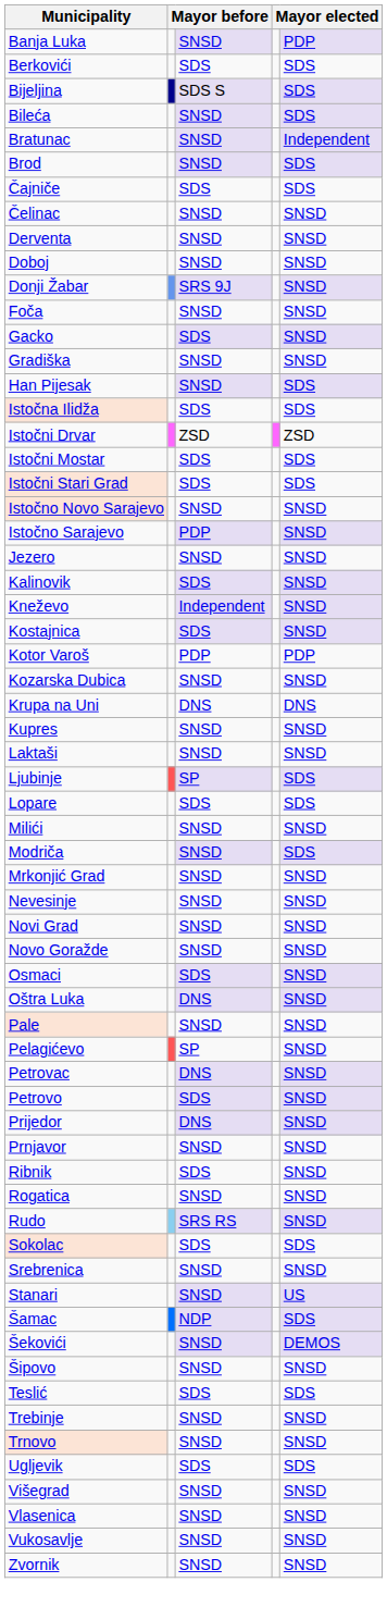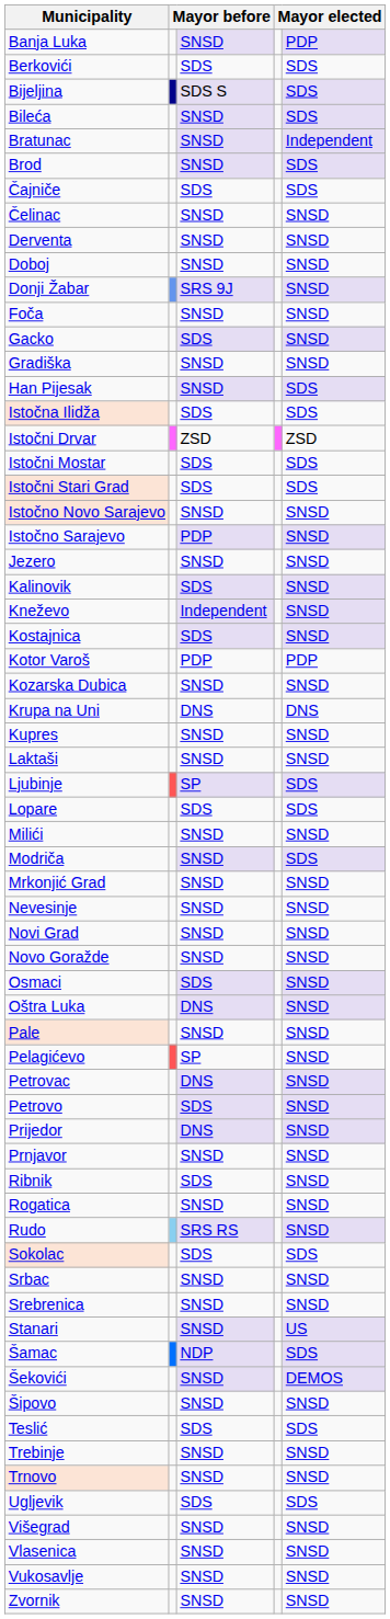 <table class="wikitable sortable">
 <tr>
 <th>Municipality</th>
 <th colspan="2">Mayor before</th>
 <th colspan="2">Mayor elected</th>
 </tr>
 <tr>
 <td><a href='#'>Banja Luka</a></td>
 <td style="background-color:"></td>
 <td style="background-color:#e5ddf3"><a href='#'>SNSD</a></td>
 <td style="background-color:"></td>
 <td style="background-color:#e5ddf3"><a href='#'>PDP</a></td>
 </tr>
 <tr>
 <td><a href='#'>Berkovići</a></td>
 <td style="background-color:"></td>
 <td><a href='#'>SDS</a></td>
 <td style="background-color:"></td>
 <td><a href='#'>SDS</a></td>
 </tr>
 <tr>
 <td><a href='#'>Bijeljina</a></td>
 <td style="background-color:darkblue"></td>
 <td style="background-color:#e5ddf3">SDS S</td>
 <td style="background-color:"></td>
 <td style="background-color:#e5ddf3"><a href='#'>SDS</a></td>
 </tr>
 <tr>
 <td><a href='#'>Bileća</a></td>
 <td style="background-color:"></td>
 <td style="background-color:#e5ddf3"><a href='#'>SNSD</a></td>
 <td style="background-color:"></td>
 <td style="background-color:#e5ddf3"><a href='#'>SDS</a></td>
 </tr>
 <tr>
 <td><a href='#'>Bratunac</a></td>
 <td style="background-color:"></td>
 <td style="background-color:#e5ddf3"><a href='#'>SNSD</a></td>
 <td style="background-color:"></td>
 <td style="background-color:#e5ddf3"><a href='#'>Independent</a></td>
 </tr>
 <tr>
 <td><a href='#'>Brod</a></td>
 <td style="background-color:"></td>
 <td style="background-color:#e5ddf3"><a href='#'>SNSD</a></td>
 <td style="background-color:"></td>
 <td style="background-color:#e5ddf3"><a href='#'>SDS</a></td>
 </tr>
 <tr>
 <td><a href='#'>Čajniče</a></td>
 <td style="background-color:"></td>
 <td><a href='#'>SDS</a></td>
 <td style="background-color:"></td>
 <td><a href='#'>SDS</a></td>
 </tr>
 <tr>
 <td><a href='#'>Čelinac</a></td>
 <td style="background-color:"></td>
 <td><a href='#'>SNSD</a></td>
 <td style="background-color:"></td>
 <td><a href='#'>SNSD</a></td>
 </tr>
 <tr>
 <td><a href='#'>Derventa</a></td>
 <td style="background-color:"></td>
 <td><a href='#'>SNSD</a></td>
 <td style="background-color:"></td>
 <td><a href='#'>SNSD</a></td>
 </tr>
 <tr>
 <td><a href='#'>Doboj</a></td>
 <td style="background-color:"></td>
 <td><a href='#'>SNSD</a></td>
 <td style="background-color:"></td>
 <td><a href='#'>SNSD</a></td>
 </tr>
 <tr>
 <td><a href='#'>Donji Žabar</a></td>
 <td style="background-color:#6495ED"></td>
 <td style="background-color:#e5ddf3"><a href='#'>SRS 9J</a></td>
 <td style="background-color:"></td>
 <td style="background-color:#e5ddf3"><a href='#'>SNSD</a></td>
 </tr>
 <tr>
 <td><a href='#'>Foča</a></td>
 <td style="background-color:"></td>
 <td><a href='#'>SNSD</a></td>
 <td style="background-color:"></td>
 <td><a href='#'>SNSD</a></td>
 </tr>
 <tr>
 <td><a href='#'>Gacko</a></td>
 <td style="background-color:"></td>
 <td style="background-color:#e5ddf3"><a href='#'>SDS</a></td>
 <td style="background-color:"></td>
 <td style="background-color:#e5ddf3"><a href='#'>SNSD</a></td>
 </tr>
 <tr>
 <td><a href='#'>Gradiška</a></td>
 <td style="background-color:"></td>
 <td><a href='#'>SNSD</a></td>
 <td style="background-color:"></td>
 <td><a href='#'>SNSD</a></td>
 </tr>
 <tr>
 <td><a href='#'>Han Pijesak</a></td>
 <td style="background-color:"></td>
 <td style="background-color:#e5ddf3"><a href='#'>SNSD</a></td>
 <td style="background-color:"></td>
 <td style="background-color:#e5ddf3"><a href='#'>SDS</a></td>
 </tr>
 <tr>
 <td style='background: #FCE4D6'><a href='#'>Istočna Ilidža</a></td>
 <td style="background-color:"></td>
 <td><a href='#'>SDS</a></td>
 <td style="background-color:"></td>
 <td><a href='#'>SDS</a></td>
 </tr>
 <tr>
 <td><a href='#'>Istočni Drvar</a></td>
 <td style="background-color:#FF66FF"></td>
 <td>ZSD</td>
 <td style="background-color:#FF66FF"></td>
 <td>ZSD</td>
 </tr>
 <tr>
 <td><a href='#'>Istočni Mostar</a></td>
 <td style="background-color:"></td>
 <td><a href='#'>SDS</a></td>
 <td style="background-color:"></td>
 <td><a href='#'>SDS</a></td>
 </tr>
 <tr>
 <td style='background: #FCE4D6'><a href='#'>Istočni Stari Grad</a></td>
 <td style="background-color:"></td>
 <td><a href='#'>SDS</a></td>
 <td style="background-color:"></td>
 <td><a href='#'>SDS</a></td>
 </tr>
 <tr>
 <td style='background:  #FCE4D6'><a href='#'>Istočno Novo Sarajevo</a></td>
 <td style="background-color:"></td>
 <td><a href='#'>SNSD</a></td>
 <td style="background-color:"></td>
 <td><a href='#'>SNSD</a></td>
 </tr>
 <tr>
 <td><a href='#'>Istočno Sarajevo</a></td>
 <td style="background-color:"></td>
 <td style="background-color:#e5ddf3"><a href='#'>PDP</a></td>
 <td style="background-color:"></td>
 <td style="background-color:#e5ddf3"><a href='#'>SNSD</a></td>
 </tr>
 <tr>
 <td><a href='#'>Jezero</a></td>
 <td style="background-color:"></td>
 <td><a href='#'>SNSD</a></td>
 <td style="background-color:"></td>
 <td><a href='#'>SNSD</a></td>
 </tr>
 <tr>
 <td><a href='#'>Kalinovik</a></td>
 <td style="background-color:"></td>
 <td style="background-color:#e5ddf3"><a href='#'>SDS</a></td>
 <td style="background-color:"></td>
 <td style="background-color:#e5ddf3"><a href='#'>SNSD</a></td>
 </tr>
 <tr>
 <td><a href='#'>Kneževo</a></td>
 <td style="background-color:"></td>
 <td style="background-color:#e5ddf3"><a href='#'>Independent</a></td>
 <td style="background-color:"></td>
 <td style="background-color:#e5ddf3"><a href='#'>SNSD</a></td>
 </tr>
 <tr>
 <td><a href='#'>Kostajnica</a></td>
 <td style="background-color:"></td>
 <td style="background-color:#e5ddf3"><a href='#'>SDS</a></td>
 <td style="background-color:"></td>
 <td style="background-color:#e5ddf3"><a href='#'>SNSD</a></td>
 </tr>
 <tr>
 <td><a href='#'>Kotor Varoš</a></td>
 <td style="background-color:"></td>
 <td><a href='#'>PDP</a></td>
 <td style="background-color:"></td>
 <td><a href='#'>PDP</a></td>
 </tr>
 <tr>
 <td><a href='#'>Kozarska Dubica</a></td>
 <td style="background-color:"></td>
 <td><a href='#'>SNSD</a></td>
 <td style="background-color:"></td>
 <td><a href='#'>SNSD</a></td>
 </tr>
 <tr>
 <td><a href='#'>Krupa na Uni</a></td>
 <td style="background-color:"></td>
 <td><a href='#'>DNS</a></td>
 <td style="background-color:"></td>
 <td><a href='#'>DNS</a></td>
 </tr>
 <tr>
 <td><a href='#'>Kupres</a></td>
 <td style="background-color:"></td>
 <td><a href='#'>SNSD</a></td>
 <td style="background-color:"></td>
 <td><a href='#'>SNSD</a></td>
 </tr>
 <tr>
 <td><a href='#'>Laktaši</a></td>
 <td style="background-color:"></td>
 <td><a href='#'>SNSD</a></td>
 <td style="background-color:"></td>
 <td><a href='#'>SNSD</a></td>
 </tr>
 <tr>
 <td><a href='#'>Ljubinje</a></td>
 <td style="background-color:#FF5555"></td>
 <td style="background-color:#e5ddf3"><a href='#'>SP</a></td>
 <td style="background-color:"></td>
 <td style="background-color:#e5ddf3"><a href='#'>SDS</a></td>
 </tr>
 <tr>
 <td><a href='#'>Lopare</a></td>
 <td style="background-color:"></td>
 <td><a href='#'>SDS</a></td>
 <td style="background-color:"></td>
 <td><a href='#'>SDS</a></td>
 </tr>
 <tr>
 <td><a href='#'>Milići</a></td>
 <td style="background-color:"></td>
 <td><a href='#'>SNSD</a></td>
 <td style="background-color:"></td>
 <td><a href='#'>SNSD</a></td>
 </tr>
 <tr>
 <td><a href='#'>Modriča</a></td>
 <td style="background-color:"></td>
 <td style="background-color:#e5ddf3"><a href='#'>SNSD</a></td>
 <td style="background-color:"></td>
 <td style="background-color:#e5ddf3"><a href='#'>SDS</a></td>
 </tr>
 <tr>
 <td><a href='#'>Mrkonjić Grad</a></td>
 <td style="background-color:"></td>
 <td><a href='#'>SNSD</a></td>
 <td style="background-color:"></td>
 <td><a href='#'>SNSD</a></td>
 </tr>
 <tr>
 <td><a href='#'>Nevesinje</a></td>
 <td style="background-color:"></td>
 <td><a href='#'>SNSD</a></td>
 <td style="background-color:"></td>
 <td><a href='#'>SNSD</a></td>
 </tr>
 <tr>
 <td><a href='#'>Novi Grad</a></td>
 <td style="background-color:"></td>
 <td><a href='#'>SNSD</a></td>
 <td style="background-color:"></td>
 <td><a href='#'>SNSD</a></td>
 </tr>
 <tr>
 <td><a href='#'>Novo Goražde</a></td>
 <td style="background-color:"></td>
 <td><a href='#'>SNSD</a></td>
 <td style="background-color:"></td>
 <td><a href='#'>SNSD</a></td>
 </tr>
 <tr>
 <td><a href='#'>Osmaci</a></td>
 <td style="background-color:"></td>
 <td style="background-color:#e5ddf3"><a href='#'>SDS</a></td>
 <td style="background-color:"></td>
 <td style="background-color:#e5ddf3"><a href='#'>SNSD</a></td>
 </tr>
 <tr>
 <td><a href='#'>Oštra Luka</a></td>
 <td style="background-color:"></td>
 <td style="background-color:#e5ddf3"><a href='#'>DNS</a></td>
 <td style="background-color:"></td>
 <td style="background-color:#e5ddf3"><a href='#'>SNSD</a></td>
 </tr>
 <tr>
 <td style='background: #FCE4D6'><a href='#'>Pale</a></td>
 <td style="background-color:"></td>
 <td><a href='#'>SNSD</a></td>
 <td style="background-color:"></td>
 <td><a href='#'>SNSD</a></td>
 </tr>
 <tr>
 <td><a href='#'>Pelagićevo</a></td>
 <td style="background-color:#FF5555"></td>
 <td><a href='#'>SP</a></td>
 <td style="background-color:"></td>
 <td><a href='#'>SNSD</a></td>
 </tr>
 <tr>
 <td><a href='#'>Petrovac</a></td>
 <td style="background-color:"></td>
 <td style="background-color:#e5ddf3"><a href='#'>DNS</a></td>
 <td style="background-color:"></td>
 <td style="background-color:#e5ddf3"><a href='#'>SNSD</a></td>
 </tr>
 <tr>
 <td><a href='#'>Petrovo</a></td>
 <td style="background-color:"></td>
 <td style="background-color:#e5ddf3"><a href='#'>SDS</a></td>
 <td style="background-color:"></td>
 <td style="background-color:#e5ddf3"><a href='#'>SNSD</a></td>
 </tr>
 <tr>
 <td><a href='#'>Prijedor</a></td>
 <td style="background-color:"></td>
 <td style="background-color:#e5ddf3"><a href='#'>DNS</a></td>
 <td style="background-color:"></td>
 <td style="background-color:#e5ddf3"><a href='#'>SNSD</a></td>
 </tr>
 <tr>
 <td><a href='#'>Prnjavor</a></td>
 <td style="background-color:"></td>
 <td><a href='#'>SNSD</a></td>
 <td style="background-color:"></td>
 <td><a href='#'>SNSD</a></td>
 </tr>
 <tr>
 <td><a href='#'>Ribnik</a></td>
 <td style="background-color:"></td>
 <td><a href='#'>SDS</a></td>
 <td style="background-color:"></td>
 <td><a href='#'>SNSD</a></td>
 </tr>
 <tr>
 <td><a href='#'>Rogatica</a></td>
 <td style="background-color:"></td>
 <td><a href='#'>SNSD</a></td>
 <td style="background-color:"></td>
 <td><a href='#'>SNSD</a></td>
 </tr>
 <tr>
 <td><a href='#'>Rudo</a></td>
 <td style="background-color:#89CFF0"></td>
 <td style="background-color:#e5ddf3"><a href='#'>SRS RS</a></td>
 <td style="background-color:"></td>
 <td style="background-color:#e5ddf3"><a href='#'>SNSD</a></td>
 </tr>
 <tr>
 <td style='background: #FCE4D6'><a href='#'>Sokolac</a></td>
 <td style="background-color:"></td>
 <td><a href='#'>SDS</a></td>
 <td style="background-color:"></td>
 <td><a href='#'>SDS</a></td>
 </tr>
 <tr>
+<td><a href='#'>Srbac</a></td>
+<td style="background-color:"></td>
+<td><a href='#'>SNSD</a></td>
+<td style="background-color:"></td>
+<td><a href='#'>SNSD</a></td>
+</tr>
+<tr>
 <td><a href='#'>Srebrenica</a></td>
 <td style="background-color:"></td>
 <td><a href='#'>SNSD</a></td>
 <td style="background-color:"></td>
 <td><a href='#'>SNSD</a></td>
 </tr>
 <tr>
 <td><a href='#'>Stanari</a></td>
 <td style="background-color:"></td>
 <td style="background-color:#e5ddf3"><a href='#'>SNSD</a></td>
 <td style="background-color:"></td>
 <td style="background-color:#e5ddf3"><a href='#'>US</a></td>
 </tr>
 <tr>
 <td><a href='#'>Šamac</a></td>
 <td style="background-color:#0070FF"></td>
 <td style="background-color:#e5ddf3"><a href='#'>NDP</a></td>
 <td style="background-color:"></td>
 <td style="background-color:#e5ddf3"><a href='#'>SDS</a></td>
 </tr>
 <tr>
 <td><a href='#'>Šekovići</a></td>
 <td style="background-color:"></td>
 <td style="background-color:#e5ddf3"><a href='#'>SNSD</a></td>
 <td style="background-color:"></td>
 <td style="background-color:#e5ddf3"><a href='#'>DEMOS</a></td>
 </tr>
 <tr>
 <td><a href='#'>Šipovo</a></td>
 <td style="background-color:"></td>
 <td><a href='#'>SNSD</a></td>
 <td style="background-color:"></td>
 <td><a href='#'>SNSD</a></td>
 </tr>
 <tr>
 <td><a href='#'>Teslić</a></td>
 <td style="background-color:"></td>
 <td><a href='#'>SDS</a></td>
 <td style="background-color:"></td>
 <td><a href='#'>SDS</a></td>
 </tr>
 <tr>
 <td><a href='#'>Trebinje</a></td>
 <td style="background-color:"></td>
 <td><a href='#'>SNSD</a></td>
 <td style="background-color:"></td>
 <td><a href='#'>SNSD</a></td>
 </tr>
 <tr>
 <td style='background: #FCE4D6'><a href='#'>Trnovo</a></td>
 <td style="background-color:"></td>
 <td><a href='#'>SNSD</a></td>
 <td style="background-color:"></td>
 <td><a href='#'>SNSD</a></td>
 </tr>
 <tr>
 <td><a href='#'>Ugljevik</a></td>
 <td style="background-color:"></td>
 <td><a href='#'>SDS</a></td>
 <td style="background-color:"></td>
 <td><a href='#'>SDS</a></td>
 </tr>
 <tr>
 <td><a href='#'>Višegrad</a></td>
 <td style="background-color:"></td>
 <td><a href='#'>SNSD</a></td>
 <td style="background-color:"></td>
 <td><a href='#'>SNSD</a></td>
 </tr>
 <tr>
 <td><a href='#'>Vlasenica</a></td>
 <td style="background-color:"></td>
 <td><a href='#'>SNSD</a></td>
 <td style="background-color:"></td>
 <td><a href='#'>SNSD</a></td>
 </tr>
 <tr>
 <td><a href='#'>Vukosavlje</a></td>
 <td style="background-color:"></td>
 <td><a href='#'>SNSD</a></td>
 <td style="background-color:"></td>
 <td><a href='#'>SNSD</a></td>
 </tr>
 <tr>
 <td><a href='#'>Zvornik</a></td>
 <td style="background-color:"></td>
 <td><a href='#'>SNSD</a></td>
 <td style="background-color:"></td>
 <td><a href='#'>SNSD</a></td>
 </tr>
 </table>
